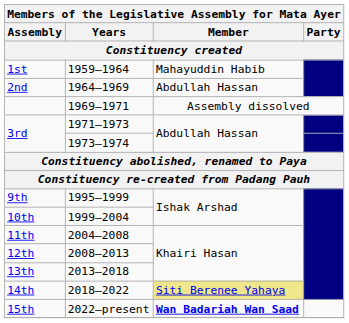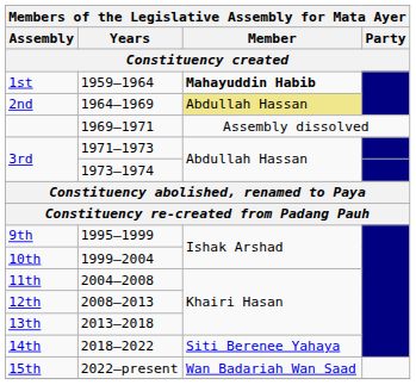 <table class=wikitable>
 <tr>
 <th colspan=4>Members of the Legislative Assembly for Mata Ayer</th>
 </tr>
 <tr>
 <th>Assembly</th>
 <th>Years</th>
 <th>Member</th>
 <th>Party</th>
 </tr>
 <tr>
 <th colspan=4 align=center><em>Constituency created</em></th>
 </tr>
 <tr>
 <td><a href='#'>1st</a></td>
 <td>1959–1964</td>
-<td>Mahayuddin Habib</td>
+<td><strong>Mahayuddin Habib</strong></td>
 <td rowspan=2 bgcolor=#000080></td>
 </tr>
 <tr>
 <td><a href='#'>2nd</a></td>
 <td>1964–1969</td>
-<td>Abdullah Hassan</td>
+<td style="background: khaki;">Abdullah Hassan</td>
 </tr>
 <tr>
 <td></td>
 <td>1969–1971</td>
 <td colspan=2 align=center>Assembly dissolved</td>
 </tr>
 <tr>
 <td rowspan=2><a href='#'>3rd</a></td>
 <td>1971–1973</td>
 <td rowspan=2>Abdullah Hassan</td>
 <td bgcolor=#000080></td>
 </tr>
 <tr>
 <td>1973–1974</td>
 <td bgcolor=#000080></td>
 </tr>
 <tr>
 <th colspan=4 align=center><em>Constituency abolished, renamed to Paya</em></th>
 </tr>
 <tr>
 <th colspan=4 align=center><em>Constituency re-created from Padang Pauh</em></th>
 </tr>
 <tr>
 <td><a href='#'>9th</a></td>
 <td>1995–1999</td>
 <td rowspan=2>Ishak Arshad</td>
 <td rowspan=6 bgcolor=#000080></td>
 </tr>
 <tr>
 <td><a href='#'>10th</a></td>
 <td>1999–2004</td>
 </tr>
 <tr>
 <td><a href='#'>11th</a></td>
 <td>2004–2008</td>
 <td rowspan=3>Khairi Hasan</td>
 </tr>
 <tr>
 <td><a href='#'>12th</a></td>
 <td>2008–2013</td>
 </tr>
 <tr>
 <td><a href='#'>13th</a></td>
 <td>2013–2018</td>
 </tr>
 <tr>
 <td><a href='#'>14th</a></td>
 <td>2018–2022</td>
-<td style="background: khaki;"><a href='#'>Siti Berenee Yahaya</a></td>
+<td><a href='#'>Siti Berenee Yahaya</a></td>
 </tr>
 <tr>
 <td><a href='#'>15th</a></td>
 <td>2022–present</td>
-<td><strong><a href='#'>Wan Badariah Wan Saad</a></strong></td>
+<td><a href='#'>Wan Badariah Wan Saad</a></td>
 <td></td>
 </tr>
 <tr>
 </tr>
 </table>
